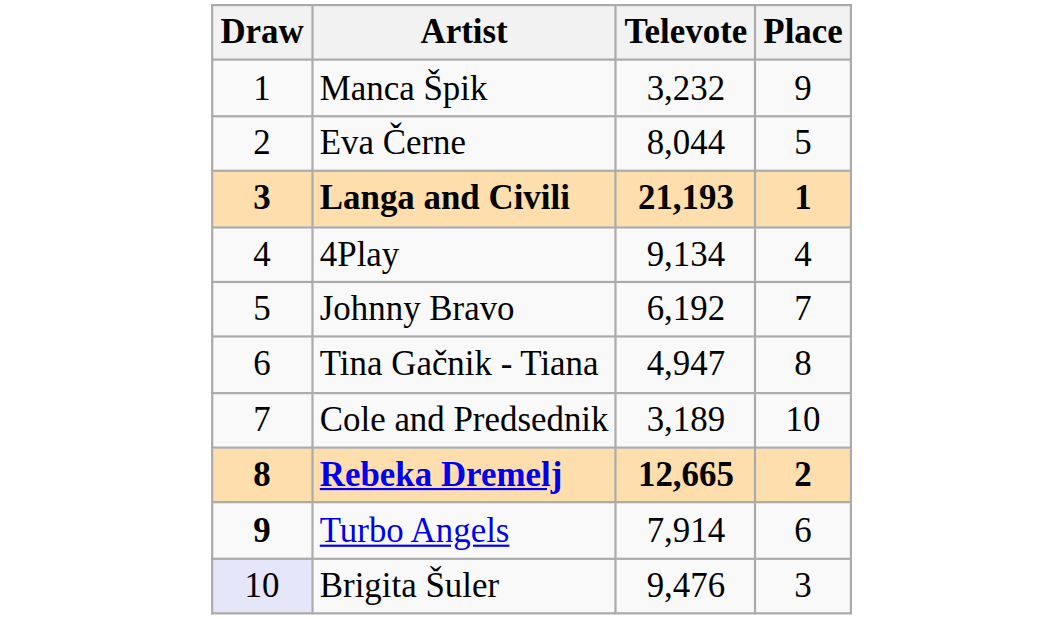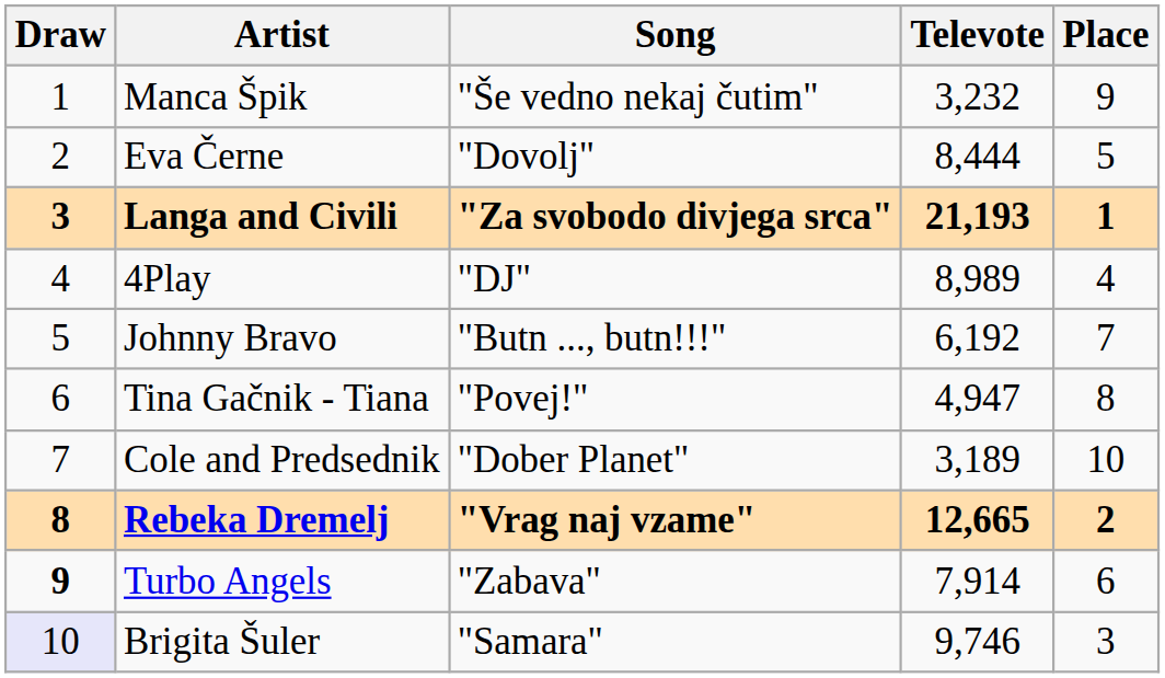 <table class="sortable wikitable" style="margin: 1em auto 1em auto; text-align:center">
 <tr>
 <th>Draw</th>
 <th>Artist</th>
+<th>Song</th>
 <th>Televote</th>
 <th>Place</th>
 </tr>
 <tr>
 <td>1</td>
 <td align="left">Manca Špik</td>
+<td align="left">"Še vedno nekaj čutim"</td>
 <td>3,232</td>
 <td>9</td>
 </tr>
 <tr>
 <td>2</td>
 <td align="left">Eva Černe</td>
-<td>8,044</td>
+<td align="left">"Dovolj"</td>
+<td>8,444</td>
 <td>5</td>
 </tr>
 <tr style="font-weight:bold;background:navajowhite">
 <td>3</td>
 <td align="left">Langa and Civili</td>
+<td align="left">"Za svobodo divjega srca"</td>
 <td>21,193</td>
 <td>1</td>
 </tr>
 <tr>
 <td>4</td>
 <td align="left">4Play</td>
-<td>9,134</td>
+<td align="left">"DJ"</td>
+<td>8,989</td>
 <td>4</td>
 </tr>
 <tr>
 <td>5</td>
 <td align="left">Johnny Bravo</td>
+<td align="left">"Butn ..., butn!!!"</td>
 <td>6,192</td>
 <td>7</td>
 </tr>
 <tr>
 <td>6</td>
 <td align="left">Tina Gačnik - Tiana</td>
+<td align="left">"Povej!"</td>
 <td>4,947</td>
 <td>8</td>
 </tr>
 <tr>
 <td>7</td>
 <td align="left">Cole and Predsednik</td>
+<td align="left">"Dober Planet"</td>
 <td>3,189</td>
 <td>10</td>
 </tr>
 <tr style="font-weight:bold; background:navajowhite">
 <td>8</td>
 <td align="left"><a href='#'>Rebeka Dremelj</a></td>
+<td align="left">"Vrag naj vzame"</td>
 <td>12,665</td>
 <td>2</td>
 </tr>
 <tr>
 <td><strong>9</strong></td>
 <td align="left"><a href='#'>Turbo Angels</a></td>
+<td align="left">"Zabava"</td>
 <td>7,914</td>
 <td>6</td>
 </tr>
 <tr>
 <td style="background: lavender;">10</td>
 <td align="left">Brigita Šuler</td>
-<td>9,476</td>
+<td align="left">"Samara"</td>
+<td>9,746</td>
 <td>3</td>
 </tr>
 </table>
